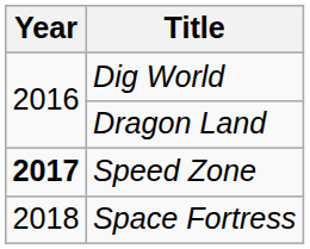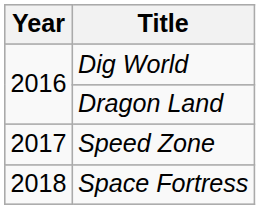 <table class="wikitable">
 <tr>
 <th>Year</th>
 <th>Title</th>
 </tr>
 <tr>
 <td rowspan="2">2016</td>
 <td><em>Dig World</em></td>
 </tr>
 <tr>
 <td><em>Dragon Land</em></td>
 </tr>
 <tr>
-<td rowspan="1"><strong>2017</strong></td>
+<td rowspan="1">2017</td>
 <td><em>Speed Zone</em></td>
 </tr>
 <tr>
 <td>2018</td>
 <td><em>Space Fortress</em></td>
 </tr>
 </table>
